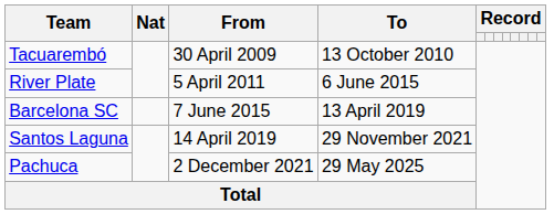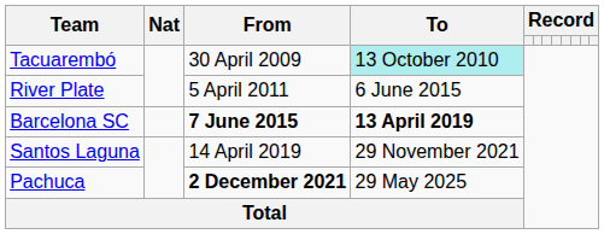 <table class="wikitable" style="text-align: center">
 <tr>
 <th rowspan="2">Team</th>
 <th rowspan="2">Nat</th>
 <th rowspan="2">From</th>
 <th rowspan="2">To</th>
 <th colspan="8">Record</th>
 </tr>
 <tr>
 <th></th>
 <th></th>
 <th></th>
 <th></th>
 <th></th>
 <th></th>
 <th></th>
 <th></th>
 </tr>
 <tr>
 <td align=left><a href='#'>Tacuarembó</a></td>
 <td rowspan="2"></td>
 <td align=left>30 April 2009</td>
-<td align=left>13 October 2010<br></td>
+<td align=left style="background: paleturquoise;">13 October 2010<br></td>
 </tr>
 <tr>
 <td align=left><a href='#'>River Plate</a></td>
 <td align=left>5 April 2011</td>
 <td align=left>6 June 2015<br></td>
 </tr>
 <tr>
 <td align=left><a href='#'>Barcelona SC</a></td>
 <td></td>
-<td align=left>7 June 2015</td>
-<td align=left>13 April 2019<br></td>
+<td align=left><strong>7 June 2015</strong></td>
+<td align=left><strong>13 April 2019<br></strong></td>
 </tr>
 <tr>
 <td align=left><a href='#'>Santos Laguna</a></td>
 <td rowspan="2"></td>
 <td align=left>14 April 2019</td>
 <td align=left>29 November 2021<br></td>
 </tr>
 <tr>
 <td align=left><a href='#'>Pachuca</a></td>
-<td align=left>2 December 2021</td>
+<td align=left><strong>2 December 2021</strong></td>
 <td align=left>29 May 2025<br></td>
 </tr>
 <tr align=center>
 <th colspan="4">Total<br></th>
 </tr>
 </table>
